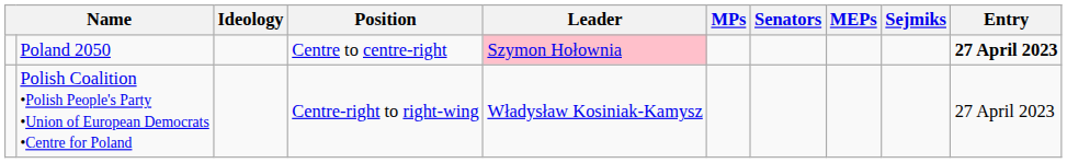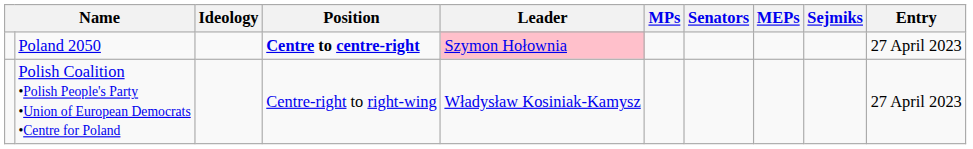 <table class="wikitable" style="font-size:90%;">
 <tr>
 <th colspan="2">Name</th>
 <th>Ideology</th>
 <th>Position</th>
 <th>Leader</th>
 <th><a href='#'>MPs</a></th>
 <th><a href='#'>Senators</a></th>
 <th><a href='#'>MEPs</a></th>
 <th><a href='#'>Sejmiks</a></th>
 <th>Entry</th>
 </tr>
 <tr>
 <td style="width:2px;background:"></td>
 <td><a href='#'>Poland 2050</a></td>
 <td></td>
-<td><a href='#'>Centre</a> to <a href='#'>centre-right</a></td>
+<td><strong><a href='#'>Centre</a> to <a href='#'>centre-right</a></strong></td>
 <td style="background: pink;"><a href='#'>Szymon Hołownia</a></td>
 <td></td>
 <td></td>
 <td></td>
 <td></td>
-<td><strong>27 April 2023</strong></td>
+<td>27 April 2023</td>
 </tr>
 <tr>
 <td style="width:2px;background:"><br></td>
 <td><a href='#'>Polish Coalition</a><br><small>•<a href='#'>Polish People's Party</a><br>•<a href='#'>Union of European Democrats</a><br>•<a href='#'>Centre for Poland</a></small><br></td>
 <td></td>
 <td><a href='#'>Centre-right</a> to <a href='#'>right-wing</a></td>
 <td><a href='#'>Władysław Kosiniak-Kamysz</a></td>
 <td></td>
 <td></td>
 <td></td>
 <td></td>
 <td>27 April 2023</td>
 </tr>
 </table>
